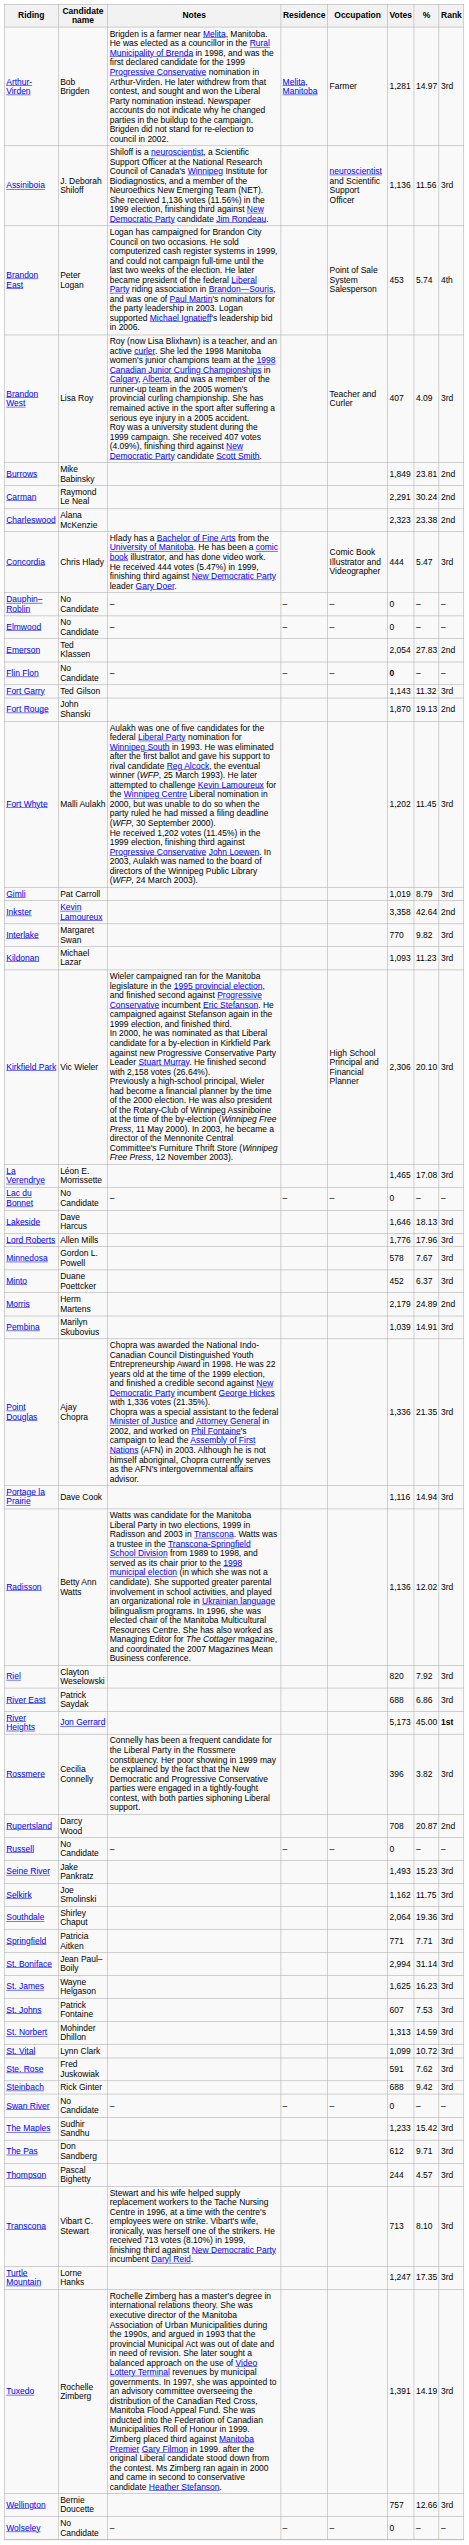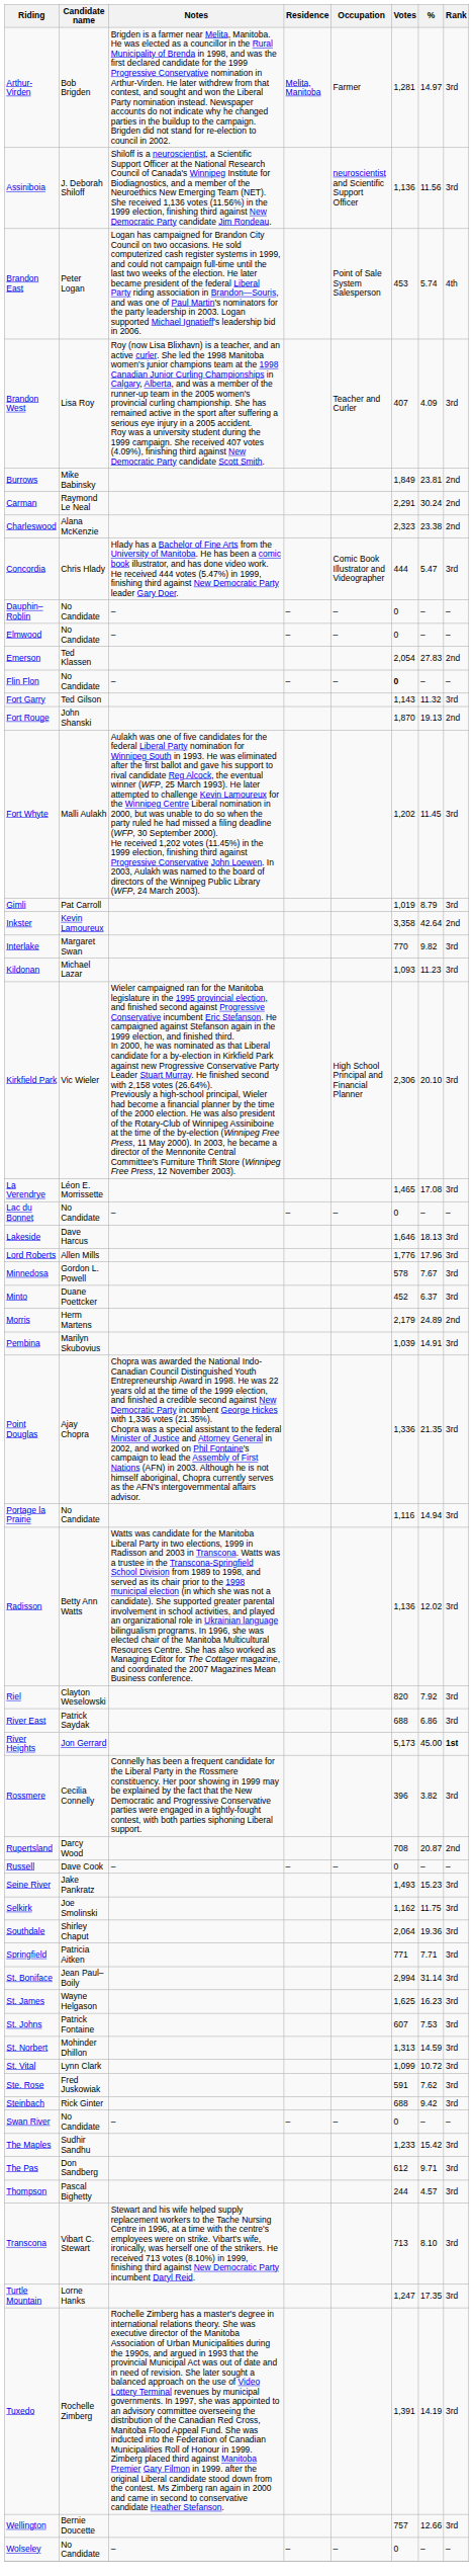 <table class="wikitable">
 <tr>
 <th>Riding</th>
 <th>Candidate name</th>
 <th>Notes</th>
 <th>Residence</th>
 <th>Occupation</th>
 <th>Votes</th>
 <th>%</th>
 <th>Rank</th>
 </tr>
 <tr>
 <td><a href='#'>Arthur-Virden</a></td>
 <td>Bob Brigden</td>
 <td>Brigden is a farmer near <a href='#'>Melita</a>, Manitoba.  He was elected as a councillor in the <a href='#'>Rural Municipality of Brenda</a> in 1998, and was the first declared candidate for the 1999 <a href='#'>Progressive Conservative</a> nomination in Arthur-Virden.  He later withdrew from that contest, and sought and won the Liberal Party nomination instead.  Newspaper accounts do not indicate why he changed parties in the buildup to the campaign.  Brigden did not stand for re-election to council in 2002.</td>
 <td><a href='#'>Melita, Manitoba</a></td>
 <td>Farmer</td>
 <td>1,281</td>
 <td>14.97</td>
 <td>3rd</td>
 </tr>
 <tr>
 <td><a href='#'>Assiniboia</a></td>
 <td>J. Deborah Shiloff</td>
 <td>Shiloff is a <a href='#'>neuroscientist</a>, a Scientific Support Officer at the National Research Council of Canada's <a href='#'>Winnipeg</a> Institute for Biodiagnostics, and a member of the Neuroethics New Emerging Team (NET). She received 1,136 votes (11.56%) in the 1999 election, finishing third against <a href='#'>New Democratic Party</a> candidate <a href='#'>Jim Rondeau</a>.</td>
 <td></td>
 <td><a href='#'>neuroscientist</a> and Scientific Support Officer</td>
 <td>1,136</td>
 <td>11.56</td>
 <td>3rd</td>
 </tr>
 <tr>
 <td><a href='#'>Brandon East</a></td>
 <td>Peter Logan</td>
 <td>Logan has campaigned for Brandon City Council on two occasions.  He sold computerized cash register systems in 1999, and could not campaign full-time until the last two weeks of the election.  He later became president of the federal <a href='#'>Liberal Party</a> riding association in <a href='#'>Brandon—Souris</a>, and was one of <a href='#'>Paul Martin</a>'s nominators for the party leadership in 2003.  Logan supported <a href='#'>Michael Ignatieff</a>'s leadership bid in 2006.</td>
 <td></td>
 <td>Point of Sale System Salesperson</td>
 <td>453</td>
 <td>5.74</td>
 <td>4th</td>
 </tr>
 <tr>
 <td><a href='#'>Brandon West</a></td>
 <td>Lisa Roy</td>
 <td>Roy (now Lisa Blixhavn) is a teacher, and an active <a href='#'>curler</a>.  She led the 1998 Manitoba women's junior champions team at the <a href='#'>1998 Canadian Junior Curling Championships</a> in <a href='#'>Calgary</a>, <a href='#'>Alberta</a>, and was a member of the runner-up team in the 2005 women's provincial curling championship.  She has remained active in the sport after suffering a serious eye injury in a 2005 accident.<br>Roy was a university student during the 1999 campaign.  She received 407 votes (4.09%), finishing third against <a href='#'>New Democratic Party</a> candidate <a href='#'>Scott Smith</a>.</td>
 <td></td>
 <td>Teacher and Curler</td>
 <td>407</td>
 <td>4.09</td>
 <td>3rd</td>
 </tr>
 <tr>
 <td><a href='#'>Burrows</a></td>
 <td>Mike Babinsky</td>
 <td></td>
 <td></td>
 <td></td>
 <td>1,849</td>
 <td>23.81</td>
 <td>2nd</td>
 </tr>
 <tr>
 <td><a href='#'>Carman</a></td>
 <td>Raymond Le Neal</td>
 <td></td>
 <td></td>
 <td></td>
 <td>2,291</td>
 <td>30.24</td>
 <td>2nd</td>
 </tr>
 <tr>
 <td><a href='#'>Charleswood</a></td>
 <td>Alana McKenzie</td>
 <td></td>
 <td></td>
 <td></td>
 <td>2,323</td>
 <td>23.38</td>
 <td>2nd</td>
 </tr>
 <tr>
 <td><a href='#'>Concordia</a></td>
 <td>Chris Hlady</td>
 <td>Hlady has a <a href='#'>Bachelor of Fine Arts</a> from the <a href='#'>University of Manitoba</a>.  He has been a <a href='#'>comic book</a> illustrator, and has done video work.  He received 444 votes (5.47%) in 1999, finishing third against <a href='#'>New Democratic Party</a> leader <a href='#'>Gary Doer</a>.</td>
 <td></td>
 <td>Comic Book Illustrator and Videographer</td>
 <td>444</td>
 <td>5.47</td>
 <td>3rd</td>
 </tr>
 <tr>
 <td><a href='#'>Dauphin–Roblin</a></td>
 <td>No Candidate</td>
 <td>–</td>
 <td>–</td>
 <td>–</td>
 <td>0</td>
 <td>–</td>
 <td>–</td>
 </tr>
 <tr>
 <td><a href='#'>Elmwood</a></td>
 <td>No Candidate</td>
 <td>–</td>
 <td>–</td>
 <td>–</td>
 <td>0</td>
 <td>–</td>
 <td>–</td>
 </tr>
 <tr>
 <td><a href='#'>Emerson</a></td>
 <td>Ted Klassen</td>
 <td></td>
 <td></td>
 <td></td>
 <td>2,054</td>
 <td>27.83</td>
 <td>2nd</td>
 </tr>
 <tr>
 <td><a href='#'>Flin Flon</a></td>
 <td>No Candidate</td>
 <td>–</td>
 <td>–</td>
 <td>–</td>
 <td><strong>0</strong></td>
 <td>–</td>
 <td>–</td>
 </tr>
 <tr>
 <td><a href='#'>Fort Garry</a></td>
 <td>Ted Gilson</td>
 <td></td>
 <td></td>
 <td></td>
 <td>1,143</td>
 <td>11.32</td>
 <td>3rd</td>
 </tr>
 <tr>
 <td><a href='#'>Fort Rouge</a></td>
 <td>John Shanski</td>
 <td></td>
 <td></td>
 <td></td>
 <td>1,870</td>
 <td>19.13</td>
 <td>2nd</td>
 </tr>
 <tr>
 <td><a href='#'>Fort Whyte</a></td>
 <td>Malli Aulakh</td>
 <td>Aulakh was one of five candidates for the federal <a href='#'>Liberal Party</a> nomination for <a href='#'>Winnipeg South</a> in 1993.  He was eliminated after the first ballot and gave his support to rival candidate <a href='#'>Reg Alcock</a>, the eventual winner (<em>WFP</em>, 25 March 1993).  He later attempted to challenge <a href='#'>Kevin Lamoureux</a> for the <a href='#'>Winnipeg Centre</a> Liberal nomination in 2000, but was unable to do so when the party ruled he had missed a filing deadline (<em>WFP</em>, 30 September 2000).<br>He received 1,202 votes (11.45%) in the 1999 election, finishing third against <a href='#'>Progressive Conservative</a> <a href='#'>John Loewen</a>.  In 2003, Aulakh was named to the board of directors of the Winnipeg Public Library (<em>WFP</em>, 24 March 2003).</td>
 <td></td>
 <td></td>
 <td>1,202</td>
 <td>11.45</td>
 <td>3rd</td>
 </tr>
 <tr>
 <td><a href='#'>Gimli</a></td>
 <td>Pat Carroll</td>
 <td></td>
 <td></td>
 <td></td>
 <td>1,019</td>
 <td>8.79</td>
 <td>3rd</td>
 </tr>
 <tr>
 <td><a href='#'>Inkster</a></td>
 <td><a href='#'>Kevin Lamoureux</a></td>
 <td></td>
 <td></td>
 <td></td>
 <td>3,358</td>
 <td>42.64</td>
 <td>2nd</td>
 </tr>
 <tr>
 <td><a href='#'>Interlake</a></td>
 <td>Margaret Swan</td>
 <td></td>
 <td></td>
 <td></td>
 <td>770</td>
 <td>9.82</td>
 <td>3rd</td>
 </tr>
 <tr>
 <td><a href='#'>Kildonan</a></td>
 <td>Michael Lazar</td>
 <td></td>
 <td></td>
 <td></td>
 <td>1,093</td>
 <td>11.23</td>
 <td>3rd</td>
 </tr>
 <tr>
 <td><a href='#'>Kirkfield Park</a></td>
 <td>Vic Wieler</td>
 <td>Wieler campaigned ran for the Manitoba legislature in the <a href='#'>1995 provincial election</a>, and finished second against <a href='#'>Progressive Conservative</a> incumbent <a href='#'>Eric Stefanson</a>.  He campaigned against Stefanson again in the 1999 election, and finished third.<br>In 2000, he was nominated as that Liberal candidate for a by-election in Kirkfield Park against new Progressive Conservative Party Leader <a href='#'>Stuart Murray</a>.  He finished second with 2,158 votes (26.64%).<br>Previously a high-school principal, Wieler had become a financial planner by the time of the 2000 election.  He was also president of the Rotary-Club of Winnipeg Assiniboine at the time of the by-election (<em>Winnipeg Free Press</em>, 11 May 2000).  In 2003, he became a director of the Mennonite Central Committee's Furniture Thrift Store (<em>Winnipeg Free Press</em>, 12 November 2003).</td>
 <td></td>
 <td>High School Principal and Financial Planner</td>
 <td>2,306</td>
 <td>20.10</td>
 <td>3rd</td>
 </tr>
 <tr>
 <td><a href='#'>La Verendrye</a></td>
 <td>Léon E. Morrissette</td>
 <td></td>
 <td></td>
 <td></td>
 <td>1,465</td>
 <td>17.08</td>
 <td>3rd</td>
 </tr>
 <tr>
 <td><a href='#'>Lac du Bonnet</a></td>
 <td>No Candidate</td>
 <td>–</td>
 <td>–</td>
 <td>–</td>
 <td>0</td>
 <td>–</td>
 <td>–</td>
 </tr>
 <tr>
 <td><a href='#'>Lakeside</a></td>
 <td>Dave Harcus</td>
 <td></td>
 <td></td>
 <td></td>
 <td>1,646</td>
 <td>18.13</td>
 <td>3rd</td>
 </tr>
 <tr>
 <td><a href='#'>Lord Roberts</a></td>
 <td>Allen Mills</td>
 <td></td>
 <td></td>
 <td></td>
 <td>1,776</td>
 <td>17.96</td>
 <td>3rd</td>
 </tr>
 <tr>
 <td><a href='#'>Minnedosa</a></td>
 <td>Gordon L. Powell</td>
 <td></td>
 <td></td>
 <td></td>
 <td>578</td>
 <td>7.67</td>
 <td>3rd</td>
 </tr>
 <tr>
 <td><a href='#'>Minto</a></td>
 <td>Duane Poettcker</td>
 <td></td>
 <td></td>
 <td></td>
 <td>452</td>
 <td>6.37</td>
 <td>3rd</td>
 </tr>
 <tr>
 <td><a href='#'>Morris</a></td>
 <td>Herm Martens</td>
 <td></td>
 <td></td>
 <td></td>
 <td>2,179</td>
 <td>24.89</td>
 <td>2nd</td>
 </tr>
 <tr>
 <td><a href='#'>Pembina</a></td>
 <td>Marilyn Skubovius</td>
 <td></td>
 <td></td>
 <td></td>
 <td>1,039</td>
 <td>14.91</td>
 <td>3rd</td>
 </tr>
 <tr>
 <td><a href='#'>Point Douglas</a></td>
 <td>Ajay Chopra</td>
 <td>Chopra was awarded the National Indo-Canadian Council Distinguished Youth Entrepreneurship Award in 1998.  He was 22 years old at the time of the 1999 election, and finished a credible second against <a href='#'>New Democratic Party</a> incumbent <a href='#'>George Hickes</a> with 1,336 votes (21.35%).<br>Chopra was a special assistant to the federal <a href='#'>Minister of Justice</a> and <a href='#'>Attorney General</a> in 2002, and worked on <a href='#'>Phil Fontaine</a>'s campaign to lead the <a href='#'>Assembly of First Nations</a> (AFN) in 2003.  Although he is not himself aboriginal, Chopra currently serves as the AFN's intergovernmental affairs advisor.</td>
 <td></td>
 <td></td>
 <td>1,336</td>
 <td>21.35</td>
 <td>3rd</td>
 </tr>
 <tr>
 <td><a href='#'>Portage la Prairie</a></td>
-<td>Dave Cook</td>
+<td>No Candidate</td>
 <td></td>
 <td></td>
 <td></td>
 <td>1,116</td>
 <td>14.94</td>
 <td>3rd</td>
 </tr>
 <tr>
 <td><a href='#'>Radisson</a></td>
 <td>Betty Ann Watts</td>
 <td>Watts was candidate for the Manitoba Liberal Party in two elections, 1999 in Radisson and 2003 in <a href='#'>Transcona</a>. Watts was a trustee in the <a href='#'>Transcona-Springfield School Division</a> from 1989 to 1998, and served as its chair prior to the <a href='#'>1998 municipal election</a> (in which she was not a candidate). She supported greater parental involvement in school activities, and played an organizational role in <a href='#'>Ukrainian language</a> bilingualism programs.  In 1996, she was elected chair of the Manitoba Multicultural Resources Centre. She has also worked as Managing Editor for <em>The Cottager</em> magazine, and coordinated the 2007 Magazines Mean Business conference.</td>
 <td></td>
 <td></td>
 <td>1,136</td>
 <td>12.02</td>
 <td>3rd</td>
 </tr>
 <tr>
 <td><a href='#'>Riel</a></td>
 <td>Clayton Weselowski</td>
 <td></td>
 <td></td>
 <td></td>
 <td>820</td>
 <td>7.92</td>
 <td>3rd</td>
 </tr>
 <tr>
 <td><a href='#'>River East</a></td>
 <td>Patrick Saydak</td>
 <td></td>
 <td></td>
 <td></td>
 <td>688</td>
 <td>6.86</td>
 <td>3rd</td>
 </tr>
 <tr>
 <td><a href='#'>River Heights</a></td>
 <td><a href='#'>Jon Gerrard</a></td>
 <td></td>
 <td></td>
 <td></td>
 <td>5,173</td>
 <td>45.00</td>
 <td><strong>1st</strong></td>
 </tr>
 <tr>
 <td><a href='#'>Rossmere</a></td>
 <td>Cecilia Connelly</td>
 <td>Connelly has been a frequent candidate for the Liberal Party in the Rossmere constituency. Her poor showing in 1999 may be explained by the fact that the New Democratic and Progressive Conservative parties were engaged in a tightly-fought contest, with both parties siphoning Liberal support.</td>
 <td></td>
 <td></td>
 <td>396</td>
 <td>3.82</td>
 <td>3rd</td>
 </tr>
 <tr>
 <td><a href='#'>Rupertsland</a></td>
 <td>Darcy Wood</td>
 <td></td>
 <td></td>
 <td></td>
 <td>708</td>
 <td>20.87</td>
 <td>2nd</td>
 </tr>
 <tr>
 <td><a href='#'>Russell</a></td>
-<td>No Candidate</td>
+<td>Dave Cook</td>
 <td>–</td>
 <td>–</td>
 <td>–</td>
 <td>0</td>
 <td>–</td>
 <td>–</td>
 </tr>
 <tr>
 <td><a href='#'>Seine River</a></td>
 <td>Jake Pankratz</td>
 <td></td>
 <td></td>
 <td></td>
 <td>1,493</td>
 <td>15.23</td>
 <td>3rd</td>
 </tr>
 <tr>
 <td><a href='#'>Selkirk</a></td>
 <td>Joe Smolinski</td>
 <td></td>
 <td></td>
 <td></td>
 <td>1,162</td>
 <td>11.75</td>
 <td>3rd</td>
 </tr>
 <tr>
 <td><a href='#'>Southdale</a></td>
 <td>Shirley Chaput</td>
 <td></td>
 <td></td>
 <td></td>
 <td>2,064</td>
 <td>19.36</td>
 <td>3rd</td>
 </tr>
 <tr>
 <td><a href='#'>Springfield</a></td>
 <td>Patricia Aitken</td>
 <td></td>
 <td></td>
 <td></td>
 <td>771</td>
 <td>7.71</td>
 <td>3rd</td>
 </tr>
 <tr>
 <td><a href='#'>St. Boniface</a></td>
 <td>Jean Paul–Boily</td>
 <td></td>
 <td></td>
 <td></td>
 <td>2,994</td>
 <td>31.14</td>
 <td>3rd</td>
 </tr>
 <tr>
 <td><a href='#'>St. James</a></td>
 <td>Wayne Helgason</td>
 <td></td>
 <td></td>
 <td></td>
 <td>1,625</td>
 <td>16.23</td>
 <td>3rd</td>
 </tr>
 <tr>
 <td><a href='#'>St. Johns</a></td>
 <td>Patrick Fontaine</td>
 <td></td>
 <td></td>
 <td></td>
 <td>607</td>
 <td>7.53</td>
 <td>3rd</td>
 </tr>
 <tr>
 <td><a href='#'>St. Norbert</a></td>
 <td>Mohinder Dhillon</td>
 <td></td>
 <td></td>
 <td></td>
 <td>1,313</td>
 <td>14.59</td>
 <td>3rd</td>
 </tr>
 <tr>
 <td><a href='#'>St. Vital</a></td>
 <td>Lynn Clark</td>
 <td></td>
 <td></td>
 <td></td>
 <td>1,099</td>
 <td>10.72</td>
 <td>3rd</td>
 </tr>
 <tr>
 <td><a href='#'>Ste. Rose</a></td>
 <td>Fred Juskowiak</td>
 <td></td>
 <td></td>
 <td></td>
 <td>591</td>
 <td>7.62</td>
 <td>3rd</td>
 </tr>
 <tr>
 <td><a href='#'>Steinbach</a></td>
 <td>Rick Ginter</td>
 <td></td>
 <td></td>
 <td></td>
 <td>688</td>
 <td>9.42</td>
 <td>3rd</td>
 </tr>
 <tr>
 <td><a href='#'>Swan River</a></td>
 <td>No Candidate</td>
 <td>–</td>
 <td>–</td>
 <td>–</td>
 <td>0</td>
 <td>–</td>
 <td>–</td>
 </tr>
 <tr>
 <td><a href='#'>The Maples</a></td>
 <td>Sudhir Sandhu</td>
 <td></td>
 <td></td>
 <td></td>
 <td>1,233</td>
 <td>15.42</td>
 <td>3rd</td>
 </tr>
 <tr>
 <td><a href='#'>The Pas</a></td>
 <td>Don Sandberg</td>
 <td></td>
 <td></td>
 <td></td>
 <td>612</td>
 <td>9.71</td>
 <td>3rd</td>
 </tr>
 <tr>
 <td><a href='#'>Thompson</a></td>
 <td>Pascal Bighetty</td>
 <td></td>
 <td></td>
 <td></td>
 <td>244</td>
 <td>4.57</td>
 <td>3rd</td>
 </tr>
 <tr>
 <td><a href='#'>Transcona</a></td>
 <td>Vibart C. Stewart</td>
 <td>Stewart and his wife helped supply replacement workers to the Tache Nursing Centre in 1996, at a time with the centre's employees were on strike.  Vibart's wife, ironically, was herself one of the strikers.  He received 713 votes (8.10%) in 1999, finishing third against <a href='#'>New Democratic Party</a> incumbent <a href='#'>Daryl Reid</a>.</td>
 <td></td>
 <td></td>
 <td>713</td>
 <td>8.10</td>
 <td>3rd</td>
 </tr>
 <tr>
 <td><a href='#'>Turtle Mountain</a></td>
 <td>Lorne Hanks</td>
 <td></td>
 <td></td>
 <td></td>
 <td>1,247</td>
 <td>17.35</td>
 <td>3rd</td>
 </tr>
 <tr>
 <td><a href='#'>Tuxedo</a></td>
 <td>Rochelle Zimberg</td>
 <td>Rochelle Zimberg has a master's degree in international relations theory. She was executive director of the Manitoba Association of Urban Municipalities during the 1990s, and argued in 1993 that the provincial Municipal Act was out of date and in need of revision.  She later sought a balanced approach on the use of <a href='#'>Video Lottery Terminal</a> revenues by municipal governments.  In 1997, she was appointed to an advisory committee overseeing the distribution of the Canadian Red Cross, Manitoba Flood Appeal Fund.  She was inducted into the Federation of Canadian Municipalities Roll of Honour in 1999.  Zimberg placed third against <a href='#'>Manitoba Premier</a> <a href='#'>Gary Filmon</a> in 1999. after the original Liberal candidate stood down from the contest. Ms Zimberg ran again in 2000 and came in second to conservative candidate <a href='#'>Heather Stefanson</a>.</td>
 <td></td>
 <td></td>
 <td>1,391</td>
 <td>14.19</td>
 <td>3rd</td>
 </tr>
 <tr>
 <td><a href='#'>Wellington</a></td>
 <td>Bernie Doucette</td>
 <td></td>
 <td></td>
 <td></td>
 <td>757</td>
 <td>12.66</td>
 <td>3rd</td>
 </tr>
 <tr>
 <td><a href='#'>Wolseley</a></td>
 <td>No Candidate</td>
 <td>–</td>
 <td>–</td>
 <td>–</td>
 <td>0</td>
 <td>–</td>
 <td>–</td>
 </tr>
 <tr>
 </tr>
 </table>
